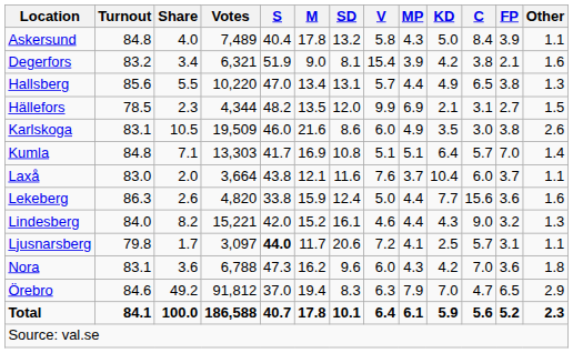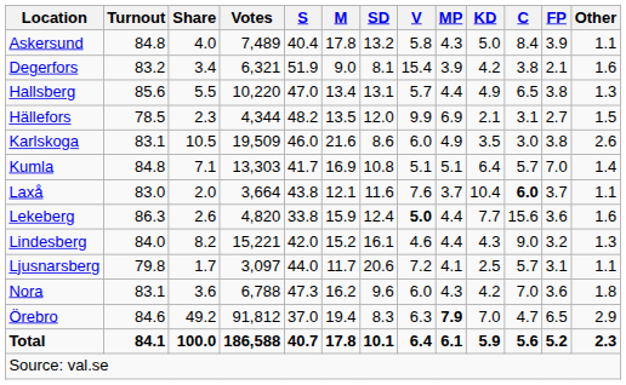 <table class="wikitable sortable" style=text-align:right>
 <tr>
 <th>Location</th>
 <th>Turnout</th>
 <th>Share</th>
 <th>Votes</th>
 <th><a href='#'>S</a></th>
 <th><a href='#'>M</a></th>
 <th><a href='#'>SD</a></th>
 <th><a href='#'>V</a></th>
 <th><a href='#'>MP</a></th>
 <th><a href='#'>KD</a></th>
 <th><a href='#'>C</a></th>
 <th><a href='#'>FP</a></th>
 <th>Other</th>
 </tr>
 <tr>
 <td align=left><a href='#'>Askersund</a></td>
 <td>84.8</td>
 <td>4.0</td>
 <td>7,489</td>
 <td>40.4</td>
 <td>17.8</td>
 <td>13.2</td>
 <td>5.8</td>
 <td>4.3</td>
 <td>5.0</td>
 <td>8.4</td>
 <td>3.9</td>
 <td>1.1</td>
 </tr>
 <tr>
 <td align=left><a href='#'>Degerfors</a></td>
 <td>83.2</td>
 <td>3.4</td>
 <td>6,321</td>
 <td>51.9</td>
 <td>9.0</td>
 <td>8.1</td>
 <td>15.4</td>
 <td>3.9</td>
 <td>4.2</td>
 <td>3.8</td>
 <td>2.1</td>
 <td>1.6</td>
 </tr>
 <tr>
 <td align=left><a href='#'>Hallsberg</a></td>
 <td>85.6</td>
 <td>5.5</td>
 <td>10,220</td>
 <td>47.0</td>
 <td>13.4</td>
 <td>13.1</td>
 <td>5.7</td>
 <td>4.4</td>
 <td>4.9</td>
 <td>6.5</td>
 <td>3.8</td>
 <td>1.3</td>
 </tr>
 <tr>
 <td align=left><a href='#'>Hällefors</a></td>
 <td>78.5</td>
 <td>2.3</td>
 <td>4,344</td>
 <td>48.2</td>
 <td>13.5</td>
 <td>12.0</td>
 <td>9.9</td>
 <td>6.9</td>
 <td>2.1</td>
 <td>3.1</td>
 <td>2.7</td>
 <td>1.5</td>
 </tr>
 <tr>
 <td align=left><a href='#'>Karlskoga</a></td>
 <td>83.1</td>
 <td>10.5</td>
 <td>19,509</td>
 <td>46.0</td>
 <td>21.6</td>
 <td>8.6</td>
 <td>6.0</td>
 <td>4.9</td>
 <td>3.5</td>
 <td>3.0</td>
 <td>3.8</td>
 <td>2.6</td>
 </tr>
 <tr>
 <td align=left><a href='#'>Kumla</a></td>
 <td>84.8</td>
 <td>7.1</td>
 <td>13,303</td>
 <td>41.7</td>
 <td>16.9</td>
 <td>10.8</td>
 <td>5.1</td>
 <td>5.1</td>
 <td>6.4</td>
 <td>5.7</td>
 <td>7.0</td>
 <td>1.4</td>
 </tr>
 <tr>
 <td align=left><a href='#'>Laxå</a></td>
 <td>83.0</td>
 <td>2.0</td>
 <td>3,664</td>
 <td>43.8</td>
 <td>12.1</td>
 <td>11.6</td>
 <td>7.6</td>
 <td>3.7</td>
 <td>10.4</td>
-<td>6.0</td>
+<td><strong>6.0</strong></td>
 <td>3.7</td>
 <td>1.1</td>
 </tr>
 <tr>
 <td align=left><a href='#'>Lekeberg</a></td>
 <td>86.3</td>
 <td>2.6</td>
 <td>4,820</td>
 <td>33.8</td>
 <td>15.9</td>
 <td>12.4</td>
-<td>5.0</td>
+<td><strong>5.0</strong></td>
 <td>4.4</td>
 <td>7.7</td>
 <td>15.6</td>
 <td>3.6</td>
 <td>1.6</td>
 </tr>
 <tr>
 <td align=left><a href='#'>Lindesberg</a></td>
 <td>84.0</td>
 <td>8.2</td>
 <td>15,221</td>
 <td>42.0</td>
 <td>15.2</td>
 <td>16.1</td>
 <td>4.6</td>
 <td>4.4</td>
 <td>4.3</td>
 <td>9.0</td>
 <td>3.2</td>
 <td>1.3</td>
 </tr>
 <tr>
 <td align=left><a href='#'>Ljusnarsberg</a></td>
 <td>79.8</td>
 <td>1.7</td>
 <td>3,097</td>
-<td><strong>44.0</strong></td>
+<td>44.0</td>
 <td>11.7</td>
 <td>20.6</td>
 <td>7.2</td>
 <td>4.1</td>
 <td>2.5</td>
 <td>5.7</td>
 <td>3.1</td>
 <td>1.1</td>
 </tr>
 <tr>
 <td align=left><a href='#'>Nora</a></td>
 <td>83.1</td>
 <td>3.6</td>
 <td>6,788</td>
 <td>47.3</td>
 <td>16.2</td>
 <td>9.6</td>
 <td>6.0</td>
 <td>4.3</td>
 <td>4.2</td>
 <td>7.0</td>
 <td>3.6</td>
 <td>1.8</td>
 </tr>
 <tr>
 <td align=left><a href='#'>Örebro</a></td>
 <td>84.6</td>
 <td>49.2</td>
 <td>91,812</td>
 <td>37.0</td>
 <td>19.4</td>
 <td>8.3</td>
 <td>6.3</td>
-<td>7.9</td>
+<td><strong>7.9</strong></td>
 <td>7.0</td>
 <td>4.7</td>
 <td>6.5</td>
 <td>2.9</td>
 </tr>
 <tr>
 <td align=left><strong>Total</strong></td>
 <td><strong>84.1</strong></td>
 <td><strong>100.0</strong></td>
 <td><strong>186,588</strong></td>
 <td><strong>40.7</strong></td>
 <td><strong>17.8</strong></td>
 <td><strong>10.1</strong></td>
 <td><strong>6.4</strong></td>
 <td><strong>6.1</strong></td>
 <td><strong>5.9</strong></td>
 <td><strong>5.6</strong></td>
 <td><strong>5.2</strong></td>
 <td><strong>2.3</strong></td>
 </tr>
 <tr>
 <td align=left colspan=13>Source: val.se</td>
 </tr>
 </table>
